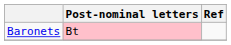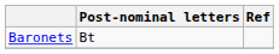 <table class="wikitable">
 <tr>
 <th colspan=2></th>
 <th>Post-nominal letters</th>
 <th>Ref</th>
 </tr>
 <tr>
 <td colspan=2><a href='#'>Baronets</a></td>
-<td style="background: pink;">Bt</td>
+<td>Bt</td>
 <td></td>
 </tr>
 <tr>
 </tr>
 </table>
